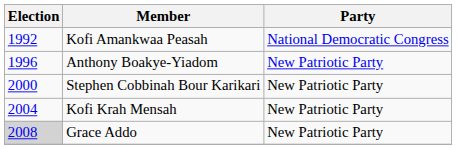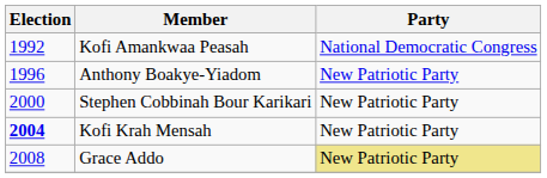 <table class="wikitable">
 <tr>
 <th>Election</th>
 <th>Member</th>
 <th>Party</th>
 </tr>
 <tr>
 <td><a href='#'>1992</a></td>
 <td>Kofi Amankwaa Peasah</td>
 <td><a href='#'>National Democratic Congress</a></td>
 </tr>
 <tr>
 <td><a href='#'>1996</a></td>
 <td>Anthony Boakye-Yiadom</td>
 <td><a href='#'>New Patriotic Party</a></td>
 </tr>
 <tr>
 <td><a href='#'>2000</a></td>
 <td>Stephen Cobbinah Bour Karikari</td>
 <td>New Patriotic Party</td>
 </tr>
 <tr>
-<td><a href='#'>2004</a></td>
+<td><strong><a href='#'>2004</a></strong></td>
 <td>Kofi Krah Mensah</td>
 <td>New Patriotic Party</td>
 </tr>
 <tr>
-<td style="background: lightgrey;"><a href='#'>2008</a></td>
+<td><a href='#'>2008</a></td>
 <td>Grace Addo</td>
-<td>New Patriotic Party</td>
+<td style="background: khaki;">New Patriotic Party</td>
 </tr>
 <tr>
 </tr>
 </table>
